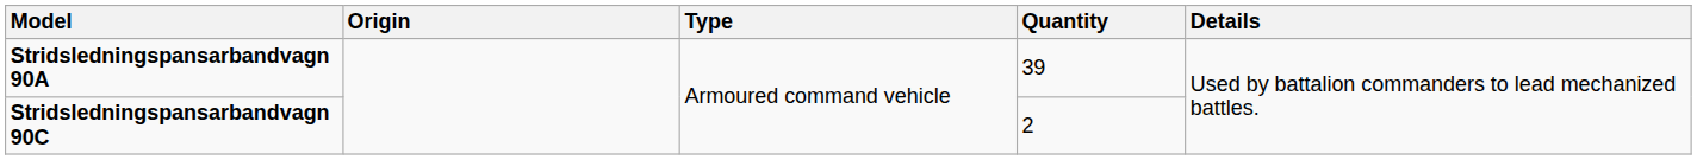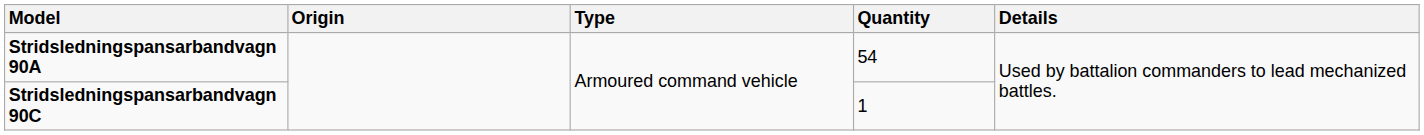 <table class="wikitable" style="width:100%;">
 <tr>
 <th style="text-align:left;width:20%;">Model</th>
 <th style="text-align:left;width:20%;">Origin</th>
 <th style="text-align:left;width:20%;">Type</th>
 <th style="text-align:left;width:10%;">Quantity</th>
 <th style="text-align:left;width:30%;">Details</th>
 </tr>
 <tr>
 <td><strong>Strids­lednings­pansar­band­vagn 90A</strong></td>
 <td rowspan="2"></td>
 <td rowspan="2">Armoured command vehicle</td>
-<td>39</td>
+<td>54</td>
 <td rowspan="2">Used by battalion commanders to lead mechanized battles.</td>
 </tr>
 <tr>
 <td><strong>Strids­lednings­pansar­band­vagn 90C</strong></td>
-<td>2</td>
+<td>1</td>
 </tr>
 </table>
